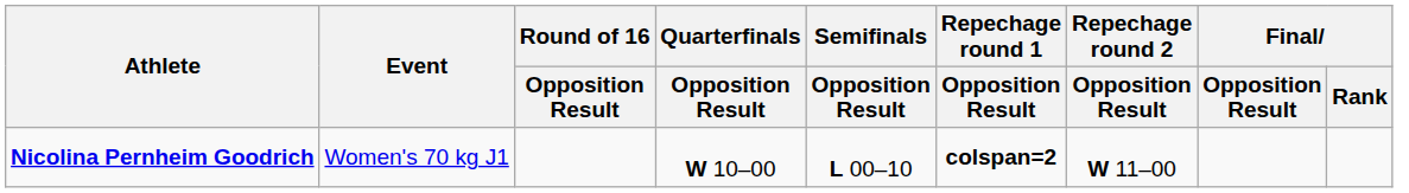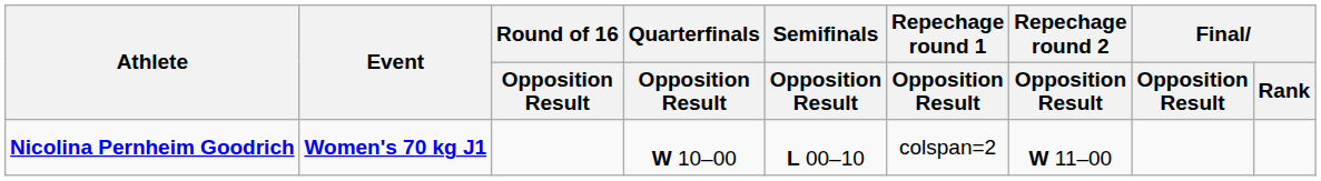 <table class= wikitable style="font-size:90%">
 <tr>
 <th rowspan="2">Athlete</th>
 <th rowspan="2">Event</th>
 <th>Round of 16</th>
 <th>Quarterfinals</th>
 <th>Semifinals</th>
 <th>Repechage <br>round 1</th>
 <th>Repechage <br>round 2</th>
 <th colspan=2>Final/<br></th>
 </tr>
 <tr>
 <th>Opposition<br>Result</th>
 <th>Opposition<br>Result</th>
 <th>Opposition<br>Result</th>
 <th>Opposition<br>Result</th>
 <th>Opposition<br>Result</th>
 <th>Opposition<br>Result</th>
 <th>Rank</th>
 </tr>
 <tr align=center>
 <td align=left><strong><a href='#'>Nicolina Pernheim Goodrich</a></strong></td>
-<td align=left><a href='#'>Women's 70 kg J1</a></td>
+<td align=left><strong><a href='#'>Women's 70 kg J1</a></strong></td>
 <td></td>
 <td><br><strong>W</strong> 10–00</td>
 <td><br><strong>L</strong> 00–10</td>
-<td><strong>colspan=2 </strong></td>
+<td>colspan=2 </td>
 <td><br><strong>W</strong> 11–00</td>
 <td></td>
 </tr>
 </table>
